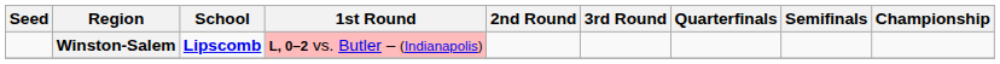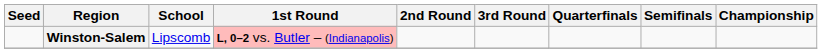 <table class="sortable wikitable" style="white-space:nowrap; font-size:90%;">
 <tr>
 <th>Seed</th>
 <th>Region</th>
 <th>School</th>
 <th>1st Round</th>
 <th>2nd Round</th>
 <th>3rd Round</th>
 <th>Quarterfinals</th>
 <th>Semifinals</th>
 <th>Championship</th>
 </tr>
 <tr>
 <td></td>
 <th>Winston-Salem</th>
-<td><strong><a href='#'>Lipscomb</a></strong></td>
+<td><a href='#'>Lipscomb</a></td>
 <td style="background:#FBB"><small><strong>L, 0–2</strong></small> vs. <a href='#'>Butler</a> – <small>(<a href='#'>Indianapolis</a>)</small></td>
 <td></td>
 <td></td>
 <td></td>
 <td></td>
 <td></td>
 </tr>
 <tr>
 </tr>
 </table>
